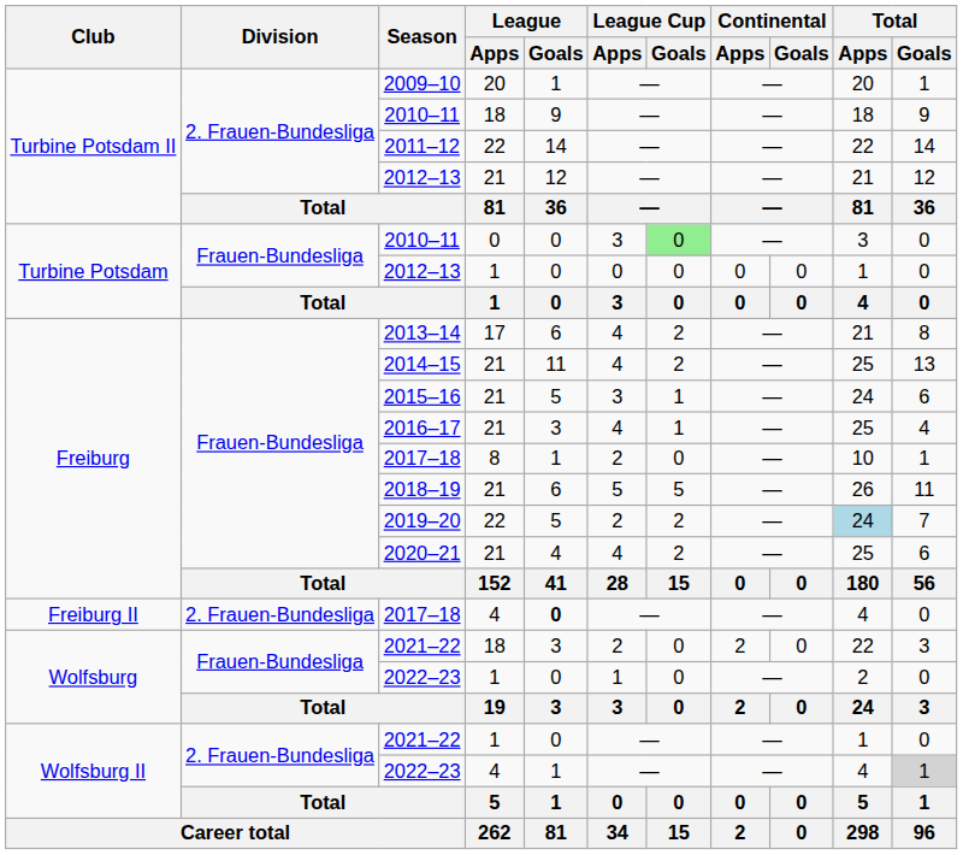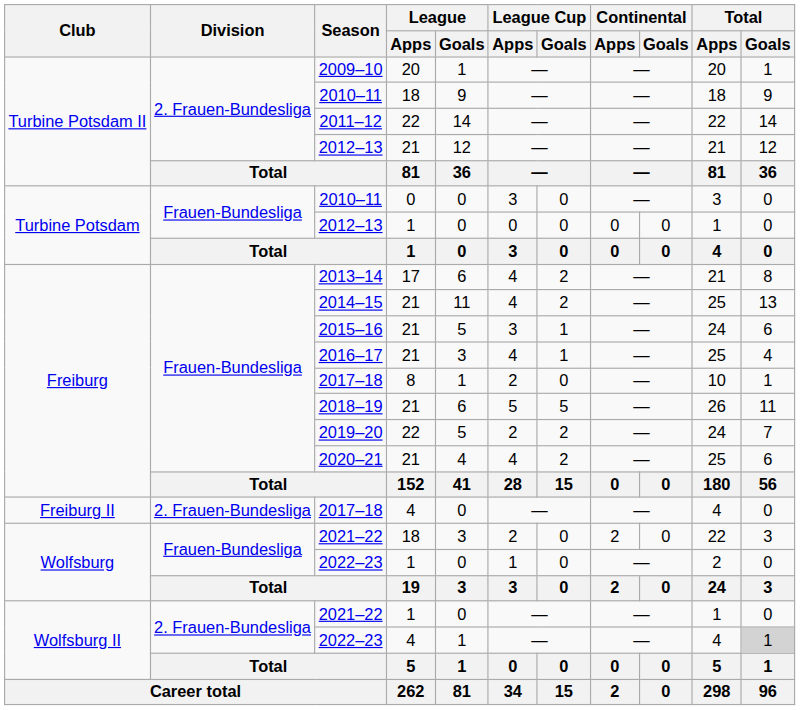 <table class="wikitable" style="font-size:90%; text-align:center;">
 <tr>
 <th rowspan="2">Club</th>
 <th rowspan="2">Division</th>
 <th rowspan="2">Season</th>
 <th colspan="2">League</th>
 <th colspan="2">League Cup</th>
 <th colspan="2">Continental</th>
 <th colspan="2">Total</th>
 </tr>
 <tr>
 <th>Apps</th>
 <th>Goals</th>
 <th>Apps</th>
 <th>Goals</th>
 <th>Apps</th>
 <th>Goals</th>
 <th>Apps</th>
 <th>Goals</th>
 </tr>
 <tr>
 <td rowspan="5"><a href='#'>Turbine Potsdam II</a></td>
 <td rowspan="4"><a href='#'>2. Frauen-Bundesliga</a></td>
 <td><a href='#'>2009–10</a></td>
 <td>20</td>
 <td>1</td>
 <td colspan="2">—</td>
 <td colspan="2">—</td>
 <td>20</td>
 <td>1</td>
 </tr>
 <tr>
 <td><a href='#'>2010–11</a></td>
 <td>18</td>
 <td>9</td>
 <td colspan="2">—</td>
 <td colspan="2">—</td>
 <td>18</td>
 <td>9</td>
 </tr>
 <tr>
 <td><a href='#'>2011–12</a></td>
 <td>22</td>
 <td>14</td>
 <td colspan="2">—</td>
 <td colspan="2">—</td>
 <td>22</td>
 <td>14</td>
 </tr>
 <tr>
 <td><a href='#'>2012–13</a></td>
 <td>21</td>
 <td>12</td>
 <td colspan="2">—</td>
 <td colspan="2">—</td>
 <td>21</td>
 <td>12</td>
 </tr>
 <tr>
 <th colspan=2>Total</th>
 <th>81</th>
 <th>36</th>
 <th colspan="2">—</th>
 <th colspan="2">—</th>
 <th>81</th>
 <th>36</th>
 </tr>
 <tr>
 <td rowspan="3"><a href='#'>Turbine Potsdam</a></td>
 <td rowspan="2"><a href='#'>Frauen-Bundesliga</a></td>
 <td><a href='#'>2010–11</a></td>
 <td>0</td>
 <td>0</td>
 <td>3</td>
-<td style="background: lightgreen;">0</td>
+<td>0</td>
 <td colspan="2">—</td>
 <td>3</td>
 <td>0</td>
 </tr>
 <tr>
 <td><a href='#'>2012–13</a></td>
 <td>1</td>
 <td>0</td>
 <td>0</td>
 <td>0</td>
 <td>0</td>
 <td>0</td>
 <td>1</td>
 <td>0</td>
 </tr>
 <tr>
 <th colspan=2>Total</th>
 <th>1</th>
 <th>0</th>
 <th>3</th>
 <th>0</th>
 <th>0</th>
 <th>0</th>
 <th>4</th>
 <th>0</th>
 </tr>
 <tr>
 <td rowspan="9"><a href='#'>Freiburg</a></td>
 <td rowspan="8"><a href='#'>Frauen-Bundesliga</a></td>
 <td><a href='#'>2013–14</a></td>
 <td>17</td>
 <td>6</td>
 <td>4</td>
 <td>2</td>
 <td colspan="2">—</td>
 <td>21</td>
 <td>8</td>
 </tr>
 <tr>
 <td><a href='#'>2014–15</a></td>
 <td>21</td>
 <td>11</td>
 <td>4</td>
 <td>2</td>
 <td colspan="2">—</td>
 <td>25</td>
 <td>13</td>
 </tr>
 <tr>
 <td><a href='#'>2015–16</a></td>
 <td>21</td>
 <td>5</td>
 <td>3</td>
 <td>1</td>
 <td colspan="2">—</td>
 <td>24</td>
 <td>6</td>
 </tr>
 <tr>
 <td><a href='#'>2016–17</a></td>
 <td>21</td>
 <td>3</td>
 <td>4</td>
 <td>1</td>
 <td colspan="2">—</td>
 <td>25</td>
 <td>4</td>
 </tr>
 <tr>
 <td><a href='#'>2017–18</a></td>
 <td>8</td>
 <td>1</td>
 <td>2</td>
 <td>0</td>
 <td colspan="2">—</td>
 <td>10</td>
 <td>1</td>
 </tr>
 <tr>
 <td><a href='#'>2018–19</a></td>
 <td>21</td>
 <td>6</td>
 <td>5</td>
 <td>5</td>
 <td colspan="2">—</td>
 <td>26</td>
 <td>11</td>
 </tr>
 <tr>
 <td><a href='#'>2019–20</a></td>
 <td>22</td>
 <td>5</td>
 <td>2</td>
 <td>2</td>
 <td colspan="2">—</td>
-<td style="background: lightblue;">24</td>
+<td>24</td>
 <td>7</td>
 </tr>
 <tr>
 <td><a href='#'>2020–21</a></td>
 <td>21</td>
 <td>4</td>
 <td>4</td>
 <td>2</td>
 <td colspan="2">—</td>
 <td>25</td>
 <td>6</td>
 </tr>
 <tr>
 <th colspan=2>Total</th>
 <th>152</th>
 <th>41</th>
 <th>28</th>
 <th>15</th>
 <th>0</th>
 <th>0</th>
 <th>180</th>
 <th>56</th>
 </tr>
 <tr>
 <td><a href='#'>Freiburg II</a></td>
 <td><a href='#'>2. Frauen-Bundesliga</a></td>
 <td><a href='#'>2017–18</a></td>
 <td>4</td>
-<td><strong>0</strong></td>
+<td>0</td>
 <td colspan="2">—</td>
 <td colspan="2">—</td>
 <td>4</td>
 <td>0</td>
 </tr>
 <tr>
 <td rowspan="3"><a href='#'>Wolfsburg</a></td>
 <td rowspan="2"><a href='#'>Frauen-Bundesliga</a></td>
 <td><a href='#'>2021–22</a></td>
 <td>18</td>
 <td>3</td>
 <td>2</td>
 <td>0</td>
 <td>2</td>
 <td>0</td>
 <td>22</td>
 <td>3</td>
 </tr>
 <tr>
 <td><a href='#'>2022–23</a></td>
 <td>1</td>
 <td>0</td>
 <td>1</td>
 <td>0</td>
 <td colspan="2">—</td>
 <td>2</td>
 <td>0</td>
 </tr>
 <tr>
 <th colspan=2>Total</th>
 <th>19</th>
 <th>3</th>
 <th>3</th>
 <th>0</th>
 <th>2</th>
 <th>0</th>
 <th>24</th>
 <th>3</th>
 </tr>
 <tr>
 <td rowspan="3"><a href='#'>Wolfsburg II</a></td>
 <td rowspan="2"><a href='#'>2. Frauen-Bundesliga</a></td>
 <td><a href='#'>2021–22</a></td>
 <td>1</td>
 <td>0</td>
 <td colspan="2">—</td>
 <td colspan="2">—</td>
 <td>1</td>
 <td>0</td>
 </tr>
 <tr>
 <td><a href='#'>2022–23</a></td>
 <td>4</td>
 <td>1</td>
 <td colspan="2">—</td>
 <td colspan="2">—</td>
 <td>4</td>
 <td style="background: lightgrey;">1</td>
 </tr>
 <tr>
 <th colspan=2>Total</th>
 <th>5</th>
 <th>1</th>
 <th>0</th>
 <th>0</th>
 <th>0</th>
 <th>0</th>
 <th>5</th>
 <th>1</th>
 </tr>
 <tr>
 <th colspan=3>Career total</th>
 <th>262</th>
 <th>81</th>
 <th>34</th>
 <th>15</th>
 <th>2</th>
 <th>0</th>
 <th>298</th>
 <th>96</th>
 </tr>
 </table>
